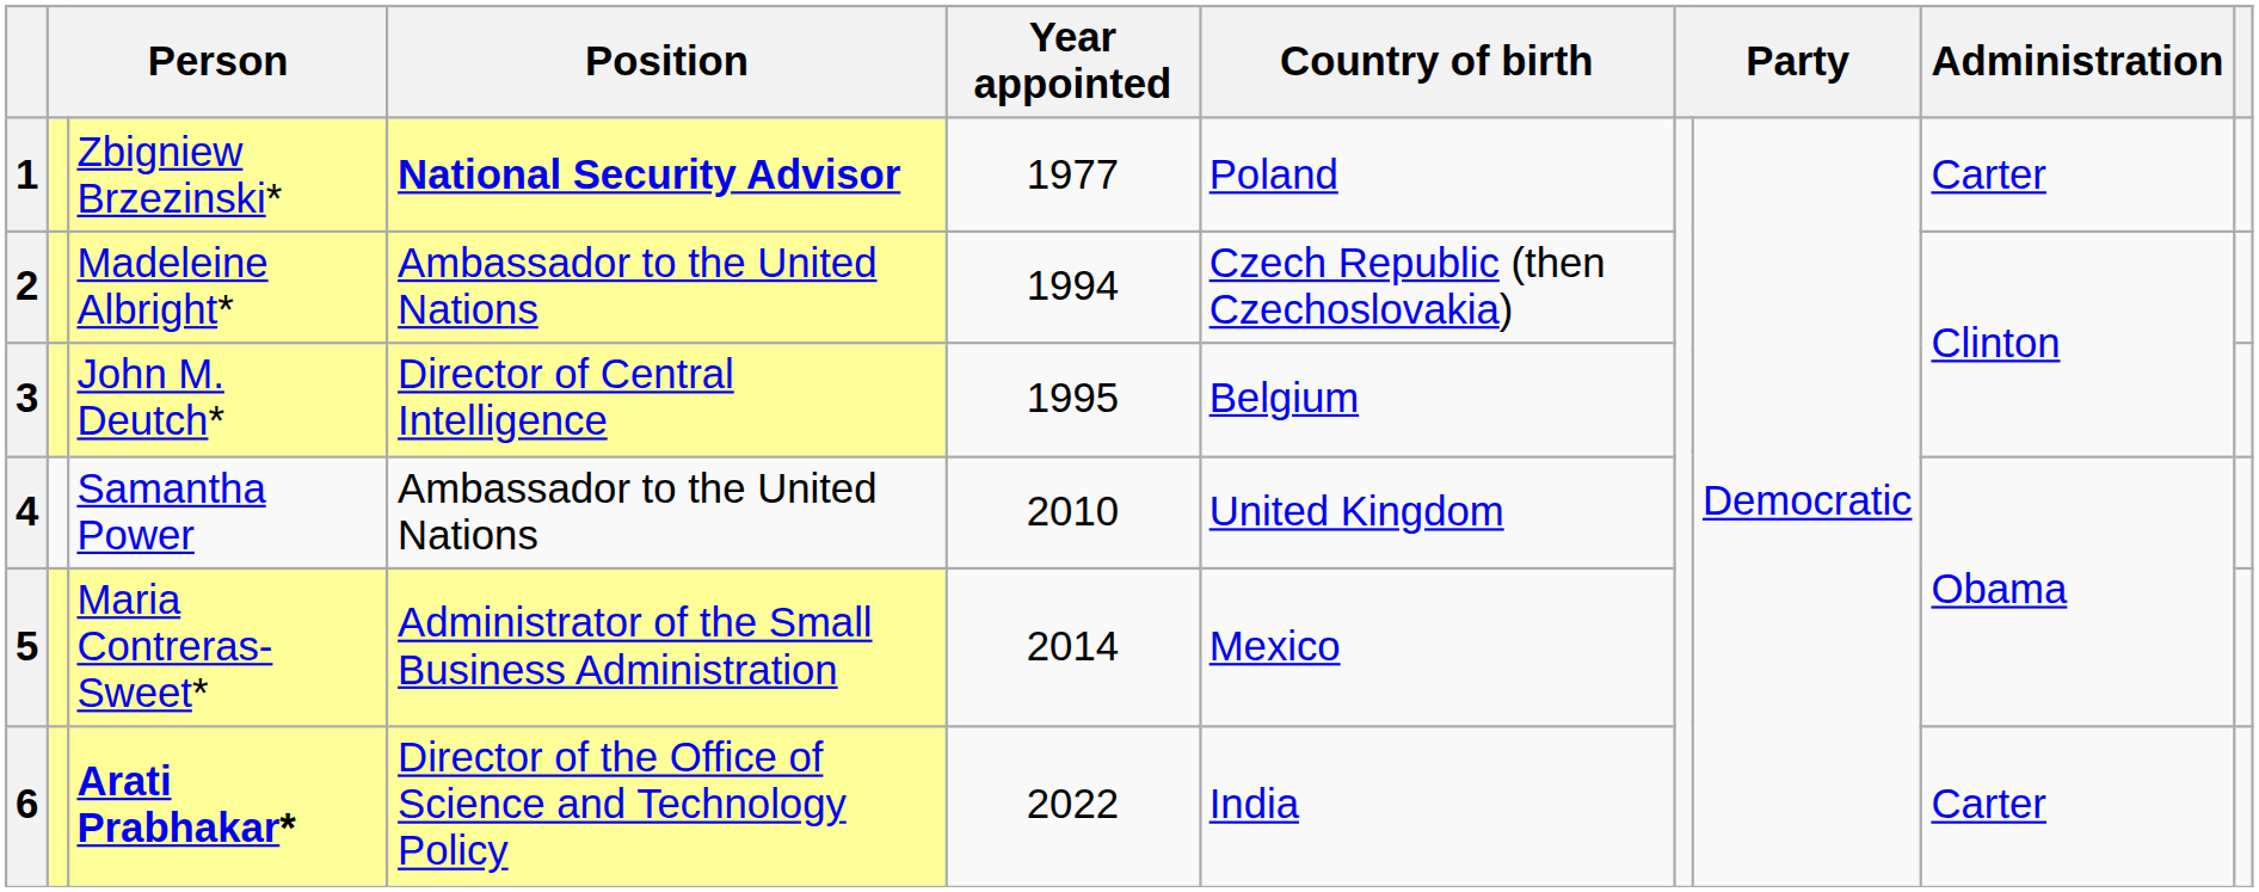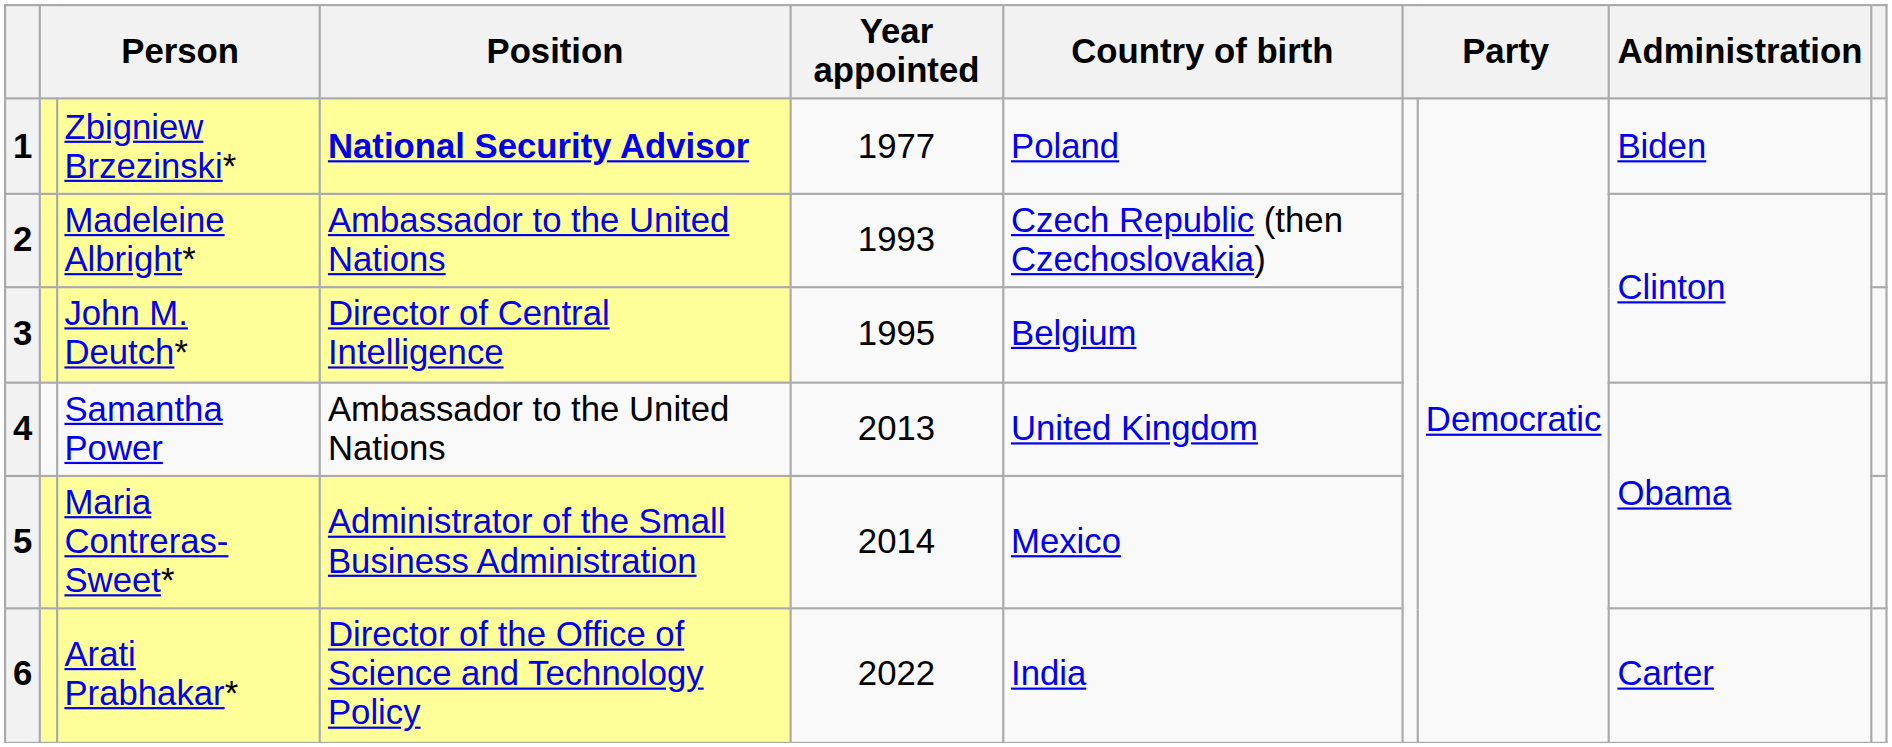 <table class="wikitable sortable">
 <tr>
 <th scope="col"></th>
 <th scope="col" colspan=2>Person</th>
 <th scope="col">Position</th>
 <th scope="col">Year appointed</th>
 <th scope="col">Country of birth</th>
 <th scope="col" colspan=2>Party</th>
 <th scope="col">Administration</th>
 <th scope="col" class="unsortable"></th>
 </tr>
 <tr>
 <th scope="row">1</th>
 <td bgcolor="#FFFF99" data-sort-value="Brzezinski, Zbigniew"></td>
 <td bgcolor="#FFFF99"><a href='#'>Zbigniew Brzezinski</a>*</td>
 <td bgcolor="#FFFF99"><strong><a href='#'>National Security Advisor</a></strong></td>
 <td align="center">1977</td>
 <td><a href='#'>Poland</a></td>
 <td rowspan=6 style="background-color:"></td>
 <td rowspan=6><a href='#'>Democratic</a></td>
-<td><a href='#'>Carter</a></td>
+<td><a href='#'>Biden</a></td>
 <td align="center"></td>
 </tr>
 <tr>
 <th scope="row">2</th>
 <td bgcolor="#FFFF99" data-sort-value="Albright, Madeleine"></td>
 <td bgcolor="#FFFF99"><a href='#'>Madeleine Albright</a>*</td>
 <td bgcolor="#FFFF99"><a href='#'>Ambassador to the United Nations</a></td>
-<td align="center">1994</td>
+<td align="center">1993</td>
 <td><a href='#'>Czech Republic</a> (then <a href='#'>Czechoslovakia</a>)</td>
 <td rowspan=2><a href='#'>Clinton</a></td>
 <td align="center"></td>
 </tr>
 <tr>
 <th scope="row">3</th>
 <td bgcolor="#FFFF99" data-sort-value="Deutch, John M."></td>
 <td bgcolor="#FFFF99"><a href='#'>John M. Deutch</a>*</td>
 <td bgcolor="#FFFF99"><a href='#'>Director of Central Intelligence</a></td>
 <td align="center">1995</td>
 <td><a href='#'>Belgium</a></td>
 <td align="center"></td>
 </tr>
 <tr>
 <th scope="row">4</th>
 <td data-sort-value="Power, Samantha"></td>
 <td><a href='#'>Samantha Power</a></td>
 <td>Ambassador to the United Nations</td>
-<td align="center">2010</td>
+<td align="center">2013</td>
 <td><a href='#'>United Kingdom</a></td>
 <td rowspan=2><a href='#'>Obama</a></td>
 <td align="center"></td>
 </tr>
 <tr>
 <th scope="row">5</th>
 <td bgcolor="#FFFF99" data-sort-value="Contreras-Sweet, Maria"></td>
 <td bgcolor="#FFFF99"><a href='#'>Maria Contreras-Sweet</a>*</td>
 <td bgcolor="#FFFF99"><a href='#'>Administrator of the Small Business Administration</a></td>
 <td align="center">2014</td>
 <td><a href='#'>Mexico</a></td>
 <td align="center"></td>
 </tr>
 <tr>
 <th scope="row">6</th>
 <td bgcolor="#FFFF99" data-sort-value="Prabhakar, Arati"></td>
-<td bgcolor="#FFFF99"><strong><a href='#'>Arati Prabhakar</a>*</strong></td>
+<td bgcolor="#FFFF99"><a href='#'>Arati Prabhakar</a>*</td>
 <td bgcolor="#FFFF99"><a href='#'>Director of the Office of Science and Technology Policy</a></td>
 <td align="center">2022</td>
 <td><a href='#'>India</a></td>
 <td><a href='#'>Carter</a></td>
 <td align="center"></td>
 </tr>
 </table>
